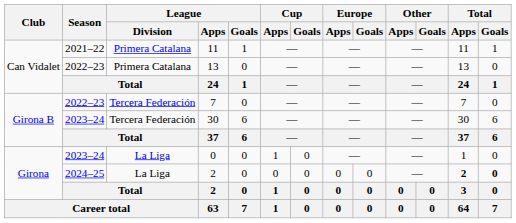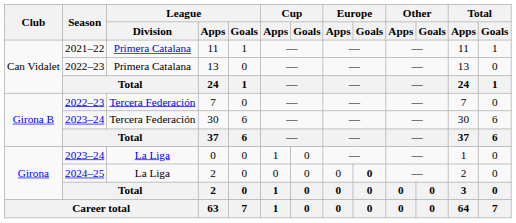 <table class="wikitable" style="text-align:center">
 <tr>
 <th rowspan="2">Club</th>
 <th rowspan="2">Season</th>
 <th colspan="3">League</th>
 <th colspan="2">Cup</th>
 <th colspan="2">Europe</th>
 <th colspan="2">Other</th>
 <th colspan="2">Total</th>
 </tr>
 <tr>
 <th>Division</th>
 <th>Apps</th>
 <th>Goals</th>
 <th>Apps</th>
 <th>Goals</th>
 <th>Apps</th>
 <th>Goals</th>
 <th>Apps</th>
 <th>Goals</th>
 <th>Apps</th>
 <th>Goals</th>
 </tr>
 <tr>
 <td rowspan="3">Can Vidalet</td>
 <td>2021–22</td>
 <td><a href='#'>Primera Catalana</a></td>
 <td>11</td>
 <td>1</td>
 <td colspan="2">—</td>
 <td colspan="2">—</td>
 <td colspan="2">—</td>
 <td>11</td>
 <td>1</td>
 </tr>
 <tr>
 <td>2022–23</td>
 <td>Primera Catalana</td>
 <td>13</td>
 <td>0</td>
 <td colspan="2">—</td>
 <td colspan="2">—</td>
 <td colspan="2">—</td>
 <td>13</td>
 <td>0</td>
 </tr>
 <tr>
 <th colspan="2">Total</th>
 <th>24</th>
 <th>1</th>
 <th colspan="2">—</th>
 <th colspan="2">—</th>
 <th colspan="2">—</th>
 <th>24</th>
 <th>1</th>
 </tr>
 <tr>
 <td rowspan="3"><a href='#'>Girona B</a></td>
 <td><a href='#'>2022–23</a></td>
 <td><a href='#'>Tercera Federación</a></td>
 <td>7</td>
 <td>0</td>
 <td colspan="2">—</td>
 <td colspan="2">—</td>
 <td colspan="2">—</td>
 <td>7</td>
 <td>0</td>
 </tr>
 <tr>
 <td><a href='#'>2023–24</a></td>
 <td>Tercera Federación</td>
 <td>30</td>
 <td>6</td>
 <td colspan="2">—</td>
 <td colspan="2">—</td>
 <td colspan="2">—</td>
 <td>30</td>
 <td>6</td>
 </tr>
 <tr>
 <th colspan="2">Total</th>
 <th>37</th>
 <th>6</th>
 <th colspan="2">—</th>
 <th colspan="2">—</th>
 <th colspan="2">—</th>
 <th>37</th>
 <th>6</th>
 </tr>
 <tr>
 <td rowspan="3"><a href='#'>Girona</a></td>
 <td><a href='#'>2023–24</a></td>
 <td><a href='#'>La Liga</a></td>
 <td>0</td>
 <td>0</td>
 <td>1</td>
 <td>0</td>
 <td colspan="2">—</td>
 <td colspan="2">—</td>
 <td>1</td>
 <td>0</td>
 </tr>
 <tr>
 <td><a href='#'>2024–25</a></td>
 <td>La Liga</td>
 <td>2</td>
 <td>0</td>
 <td>0</td>
 <td>0</td>
 <td>0</td>
+<td><strong>0</strong></td>
+<td colspan="2">—</td>
+<td>2</td>
 <td>0</td>
-<td colspan="2">—</td>
-<td><strong>2</strong></td>
-<td><strong>0</strong></td>
 </tr>
 <tr>
 <th colspan="2">Total</th>
 <th>2</th>
 <th>0</th>
 <th>1</th>
 <th>0</th>
 <th>0</th>
 <th>0</th>
 <th>0</th>
 <th>0</th>
 <th>3</th>
 <th>0</th>
 </tr>
 <tr>
 <th colspan="3">Career total</th>
 <th>63</th>
 <th>7</th>
 <th>1</th>
 <th>0</th>
 <th>0</th>
 <th>0</th>
 <th>0</th>
 <th>0</th>
 <th>64</th>
 <th>7</th>
 </tr>
 </table>
